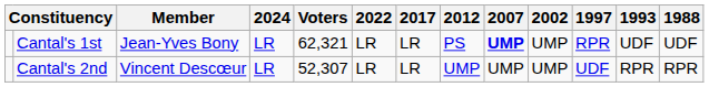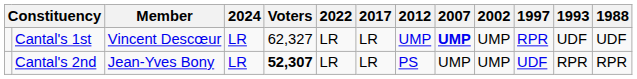 <table class="wikitable sortable">
 <tr>
 <th colspan="2">Constituency</th>
 <th>Member</th>
 <th>2024</th>
 <th>Voters</th>
 <th>2022</th>
 <th>2017</th>
 <th>2012</th>
 <th>2007</th>
 <th>2002</th>
 <th>1997</th>
 <th>1993</th>
 <th>1988</th>
 </tr>
 <tr>
 <td style="background-color: "></td>
 <td><a href='#'>Cantal's 1st</a></td>
-<td><a href='#'>Jean-Yves Bony</a></td>
+<td><a href='#'>Vincent Descœur</a></td>
 <td><a href='#'>LR</a></td>
-<td>62,321</td>
+<td>62,327</td>
 <td>LR</td>
 <td>LR</td>
-<td bgcolor=><a href='#'>PS</a></td>
+<td bgcolor=><a href='#'>UMP</a></td>
 <td bgcolor=><strong><a href='#'>UMP</a></strong></td>
 <td bgcolor=>UMP</td>
 <td bgcolor=><a href='#'>RPR</a></td>
 <td bgcolor=>UDF</td>
 <td bgcolor=>UDF</td>
 </tr>
 <tr>
 <td style="background-color: "></td>
 <td><a href='#'>Cantal's 2nd</a></td>
-<td><a href='#'>Vincent Descœur</a></td>
+<td><a href='#'>Jean-Yves Bony</a></td>
 <td><a href='#'>LR</a></td>
-<td>52,307</td>
+<td><strong>52,307</strong></td>
 <td>LR</td>
 <td>LR</td>
-<td bgcolor=><a href='#'>UMP</a></td>
+<td bgcolor=><a href='#'>PS</a></td>
 <td bgcolor=>UMP</td>
 <td bgcolor=>UMP</td>
 <td bgcolor=><a href='#'>UDF</a></td>
 <td bgcolor=>RPR</td>
 <td bgcolor=>RPR</td>
 </tr>
 </table>
